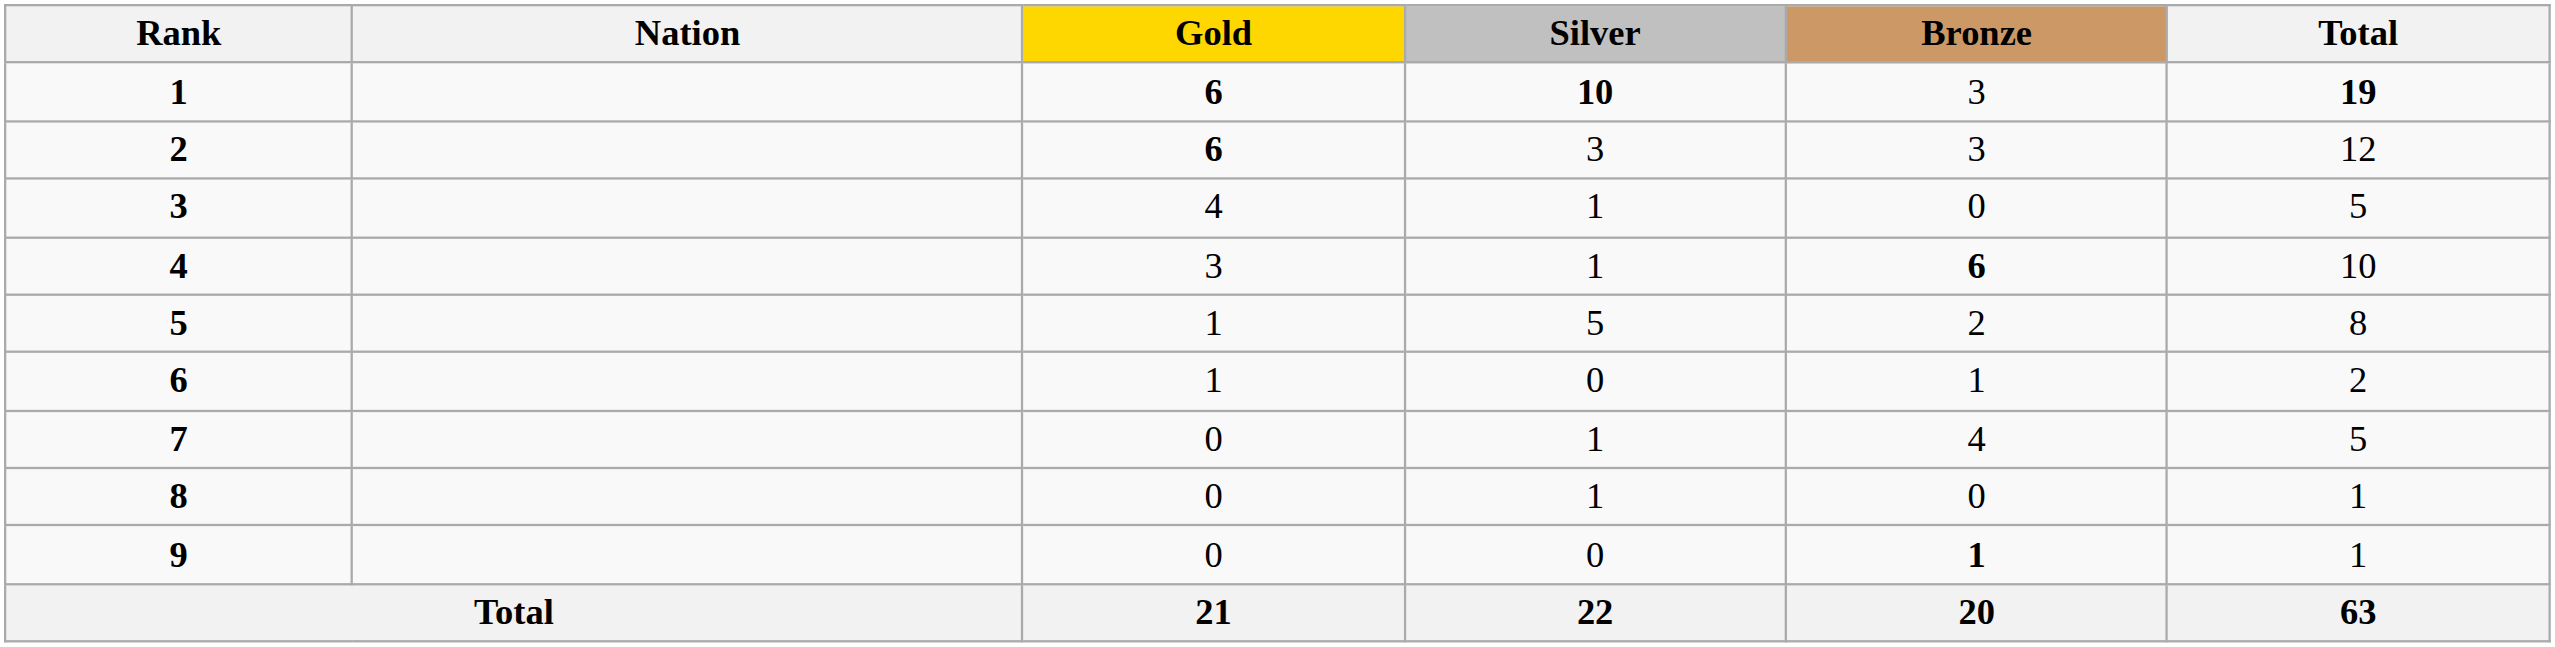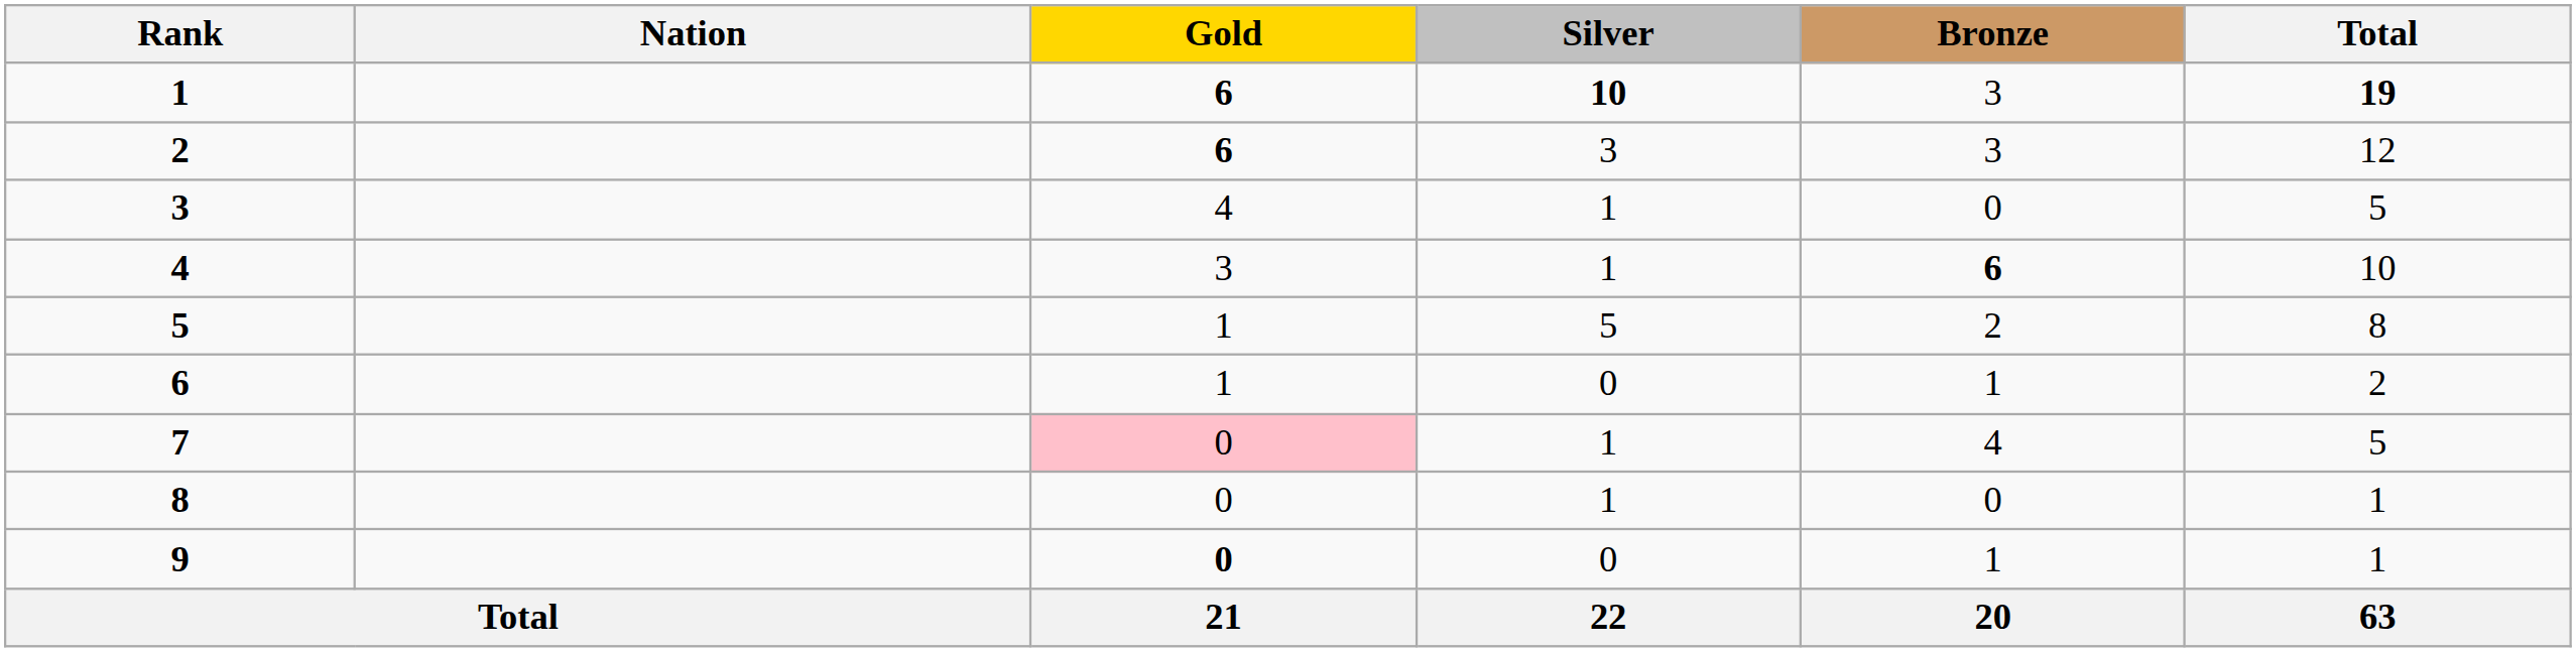 <table class="wikitable collapsible autocollapse plainrowheaders" width=70.5% style="text-align:center;">
 <tr style="background-color:#EDEDED;">
 <th width=100px class="hintergrundfarbe5">Rank</th>
 <th width=200px class="hintergrundfarbe6">Nation</th>
 <th style="background:    gold; width:15%">Gold</th>
 <th style="background:  silver; width:15%">Silver</th>
 <th style="background: #CC9966; width:15%">Bronze</th>
 <th class="hintergrundfarbe6" style="width:15%">Total</th>
 </tr>
 <tr>
 <td><strong>1</strong></td>
 <td align=left></td>
 <td><strong>6</strong></td>
 <td><strong>10</strong></td>
 <td>3</td>
 <td><strong>19</strong></td>
 </tr>
 <tr>
 <td><strong>2</strong></td>
 <td align=left></td>
 <td><strong>6</strong></td>
 <td>3</td>
 <td>3</td>
 <td>12</td>
 </tr>
 <tr>
 <td><strong>3</strong></td>
 <td align=left><em></em></td>
 <td>4</td>
 <td>1</td>
 <td>0</td>
 <td>5</td>
 </tr>
 <tr>
 <td><strong>4</strong></td>
 <td align=left></td>
 <td>3</td>
 <td>1</td>
 <td><strong>6</strong></td>
 <td>10</td>
 </tr>
 <tr>
 <td><strong>5</strong></td>
 <td align=left></td>
 <td>1</td>
 <td>5</td>
 <td>2</td>
 <td>8</td>
 </tr>
 <tr>
 <td><strong>6</strong></td>
 <td align=left></td>
 <td>1</td>
 <td>0</td>
 <td>1</td>
 <td>2</td>
 </tr>
 <tr>
 <td><strong>7</strong></td>
 <td align=left></td>
-<td>0</td>
+<td style="background: pink;">0</td>
 <td>1</td>
 <td>4</td>
 <td>5</td>
 </tr>
 <tr>
 <td><strong>8</strong></td>
 <td align=left></td>
 <td>0</td>
 <td>1</td>
 <td>0</td>
 <td>1</td>
 </tr>
 <tr>
 <td><strong>9</strong></td>
 <td align=left><em></em></td>
+<td><strong>0</strong></td>
 <td>0</td>
-<td>0</td>
-<td><strong>1</strong></td>
+<td>1</td>
 <td>1</td>
 </tr>
 <tr>
 <th colspan=2>Total</th>
 <th>21</th>
 <th>22</th>
 <th>20</th>
 <th>63</th>
 </tr>
 </table>
